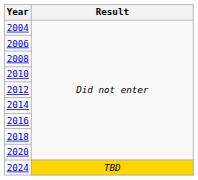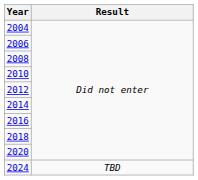 <table class="wikitable" style="text-align: center; font-size:90%">
 <tr>
 <th>Year</th>
 <th style="width:200px">Result</th>
 </tr>
 <tr>
 <td> <a href='#'>2004</a></td>
 <td rowspan="9"><em>Did not enter</em></td>
 </tr>
 <tr>
 <td> <a href='#'>2006</a></td>
 </tr>
 <tr>
 <td> <a href='#'>2008</a></td>
 </tr>
 <tr>
 <td> <a href='#'>2010</a></td>
 </tr>
 <tr>
 <td> <a href='#'>2012</a></td>
 </tr>
 <tr>
 <td> <a href='#'>2014</a></td>
 </tr>
 <tr>
 <td> <a href='#'>2016</a></td>
 </tr>
 <tr>
 <td> <a href='#'>2018</a></td>
 </tr>
 <tr>
 <td> <a href='#'>2020</a></td>
 </tr>
 <tr>
 <td> <a href='#'>2024</a></td>
-<td style="background: gold;"><em>TBD</em></td>
+<td><em>TBD</em></td>
 </tr>
 </table>
